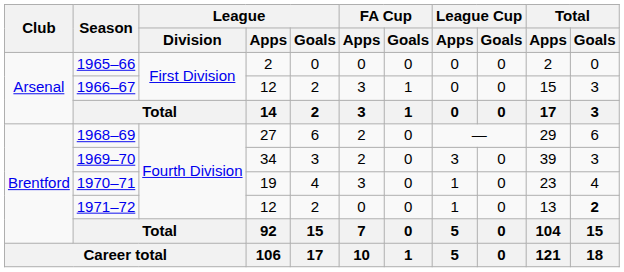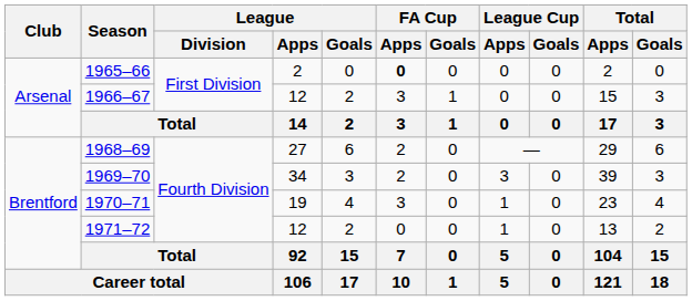 <table class="wikitable" style="text-align: center;">
 <tr>
 <th rowspan="2">Club</th>
 <th rowspan="2">Season</th>
 <th colspan="3">League</th>
 <th colspan="2">FA Cup</th>
 <th colspan="2">League Cup</th>
 <th colspan="2">Total</th>
 </tr>
 <tr>
 <th>Division</th>
 <th>Apps</th>
 <th>Goals</th>
 <th>Apps</th>
 <th>Goals</th>
 <th>Apps</th>
 <th>Goals</th>
 <th>Apps</th>
 <th>Goals</th>
 </tr>
 <tr>
 <td rowspan="3"><a href='#'>Arsenal</a></td>
 <td><a href='#'>1965–66</a></td>
 <td rowspan="2"><a href='#'>First Division</a></td>
 <td>2</td>
 <td>0</td>
-<td>0</td>
+<td><strong>0</strong></td>
 <td>0</td>
 <td>0</td>
 <td>0</td>
 <td>2</td>
 <td>0</td>
 </tr>
 <tr>
 <td><a href='#'>1966–67</a></td>
 <td>12</td>
 <td>2</td>
 <td>3</td>
 <td>1</td>
 <td>0</td>
 <td>0</td>
 <td>15</td>
 <td>3</td>
 </tr>
 <tr>
 <th colspan="2">Total</th>
 <th>14</th>
 <th>2</th>
 <th>3</th>
 <th>1</th>
 <th>0</th>
 <th>0</th>
 <th>17</th>
 <th>3</th>
 </tr>
 <tr>
 <td rowspan="5"><a href='#'>Brentford</a></td>
 <td><a href='#'>1968–69</a></td>
 <td rowspan="4"><a href='#'>Fourth Division</a></td>
 <td>27</td>
 <td>6</td>
 <td>2</td>
 <td>0</td>
 <td colspan="2">—</td>
 <td>29</td>
 <td>6</td>
 </tr>
 <tr>
 <td><a href='#'>1969–70</a></td>
 <td>34</td>
 <td>3</td>
 <td>2</td>
 <td>0</td>
 <td>3</td>
 <td>0</td>
 <td>39</td>
 <td>3</td>
 </tr>
 <tr>
 <td><a href='#'>1970–71</a></td>
 <td>19</td>
 <td>4</td>
 <td>3</td>
 <td>0</td>
 <td>1</td>
 <td>0</td>
 <td>23</td>
 <td>4</td>
 </tr>
 <tr>
 <td><a href='#'>1971–72</a></td>
 <td>12</td>
 <td>2</td>
 <td>0</td>
 <td>0</td>
 <td>1</td>
 <td>0</td>
 <td>13</td>
-<td><strong>2</strong></td>
+<td>2</td>
 </tr>
 <tr>
 <th colspan="2">Total</th>
 <th>92</th>
 <th>15</th>
 <th>7</th>
 <th>0</th>
 <th>5</th>
 <th>0</th>
 <th>104</th>
 <th>15</th>
 </tr>
 <tr>
 <th colspan="3">Career total</th>
 <th>106</th>
 <th>17</th>
 <th>10</th>
 <th>1</th>
 <th>5</th>
 <th>0</th>
 <th>121</th>
 <th>18</th>
 </tr>
 </table>
